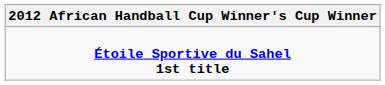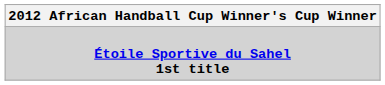 <table class=wikitable style="text-align:center; margin:auto">
 <tr>
 <th>2012 African Handball Cup Winner's Cup Winner</th>
 </tr>
 <tr>
-<td><br><strong><a href='#'>Étoile Sportive du Sahel</a></strong><br><strong>1st title</strong></td>
+<td style="background: lightgrey;"><br><strong><a href='#'>Étoile Sportive du Sahel</a></strong><br><strong>1st title</strong></td>
 </tr>
 </table>
